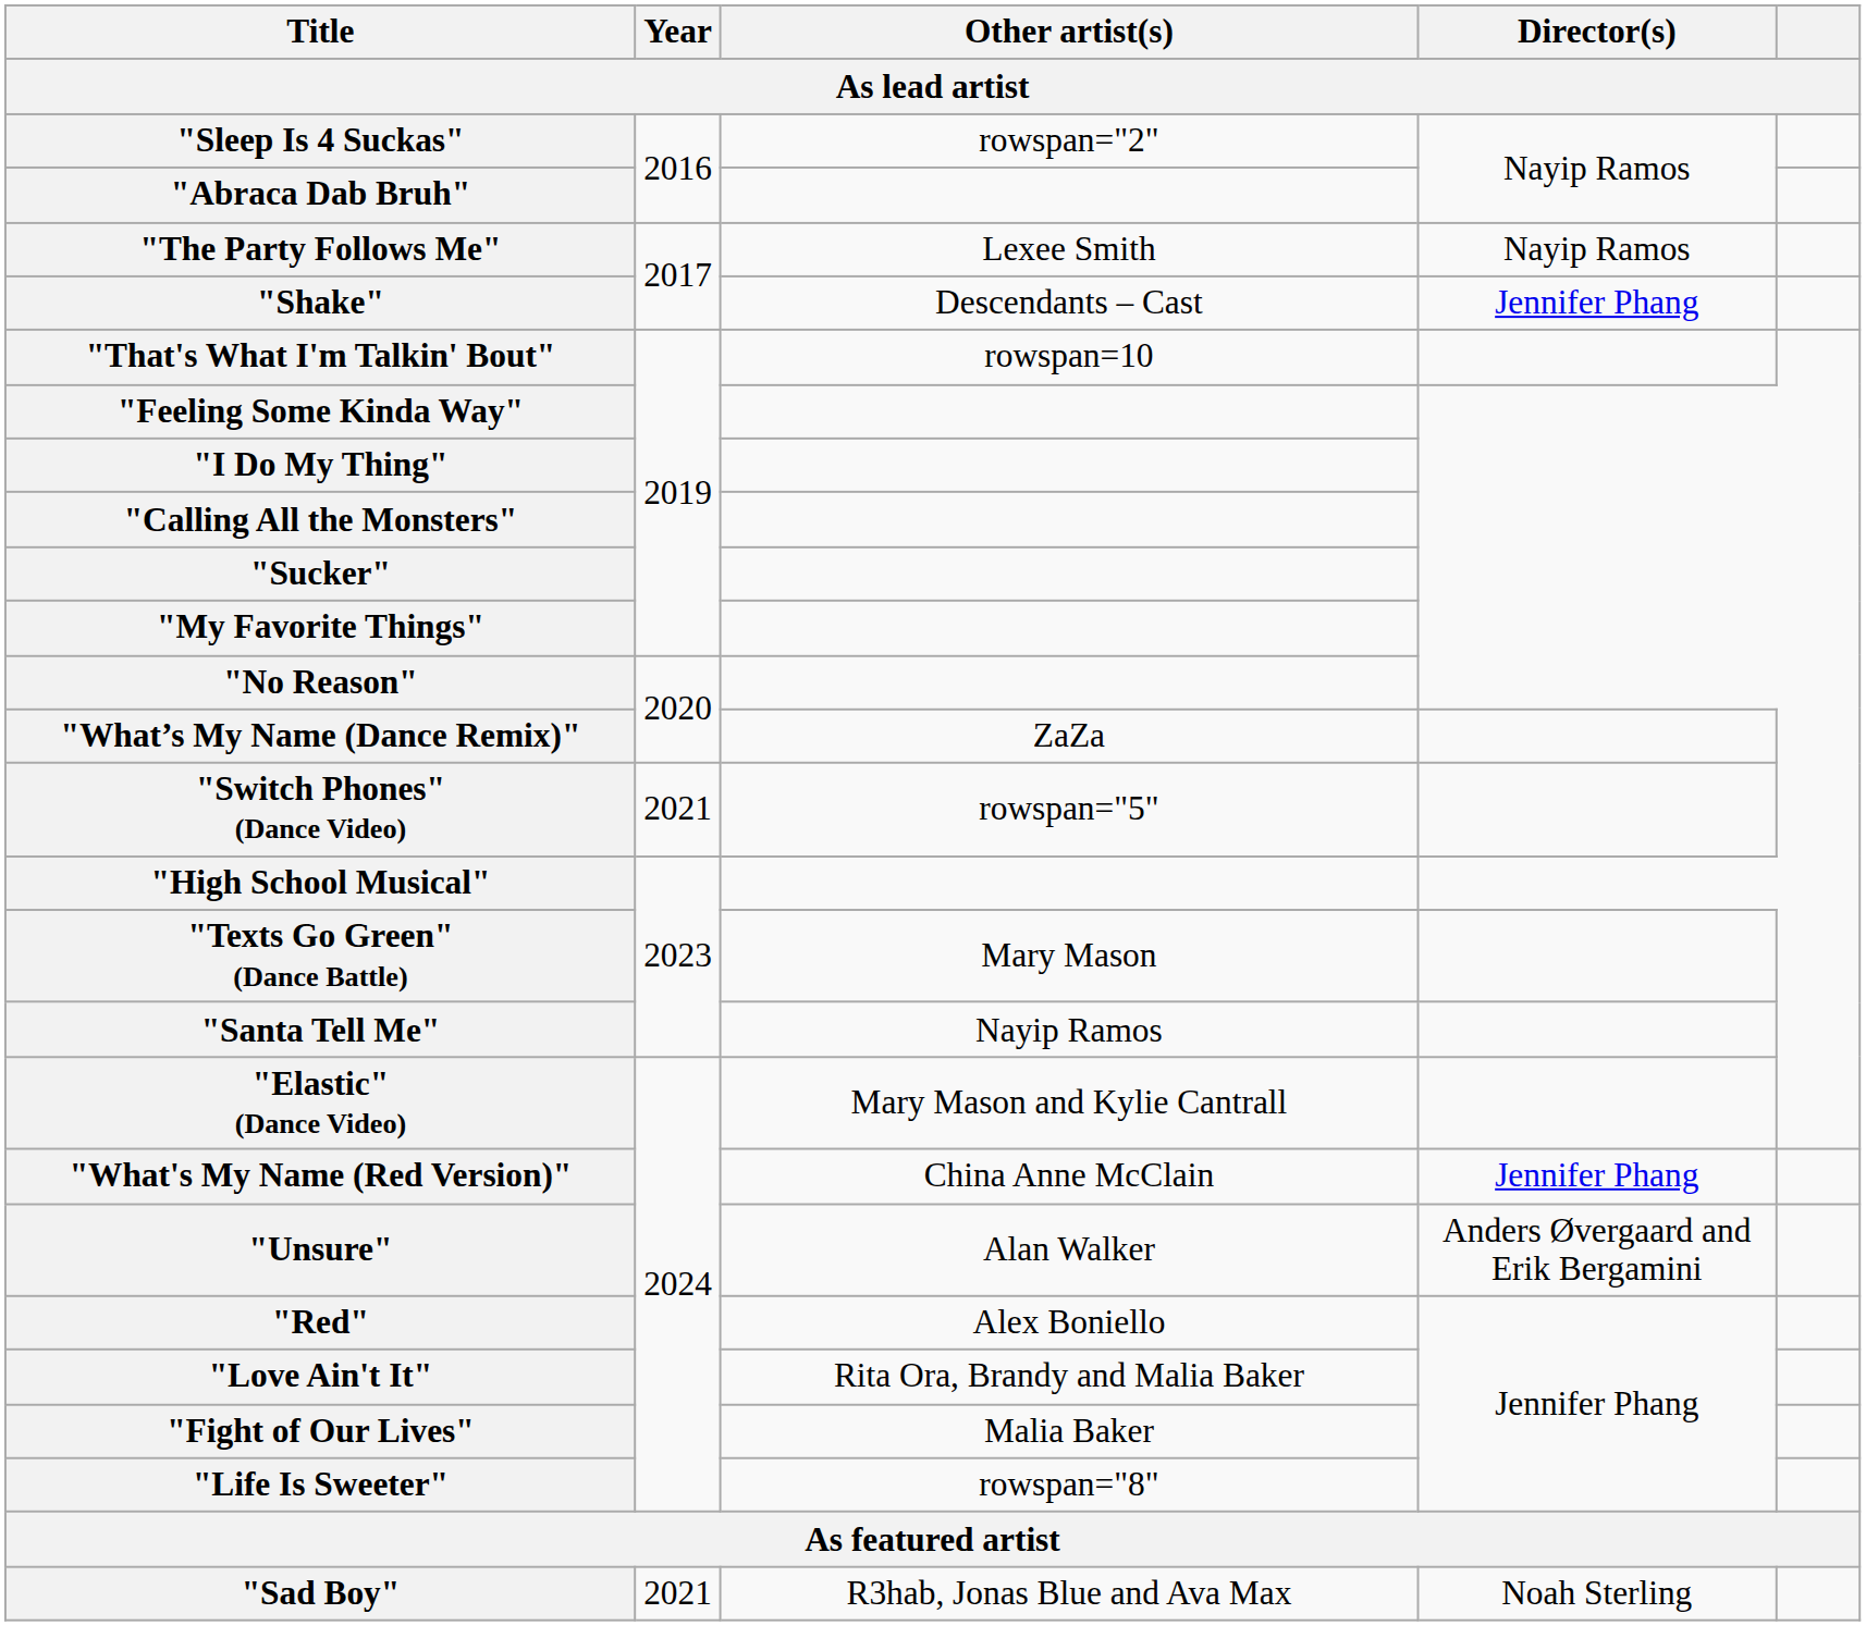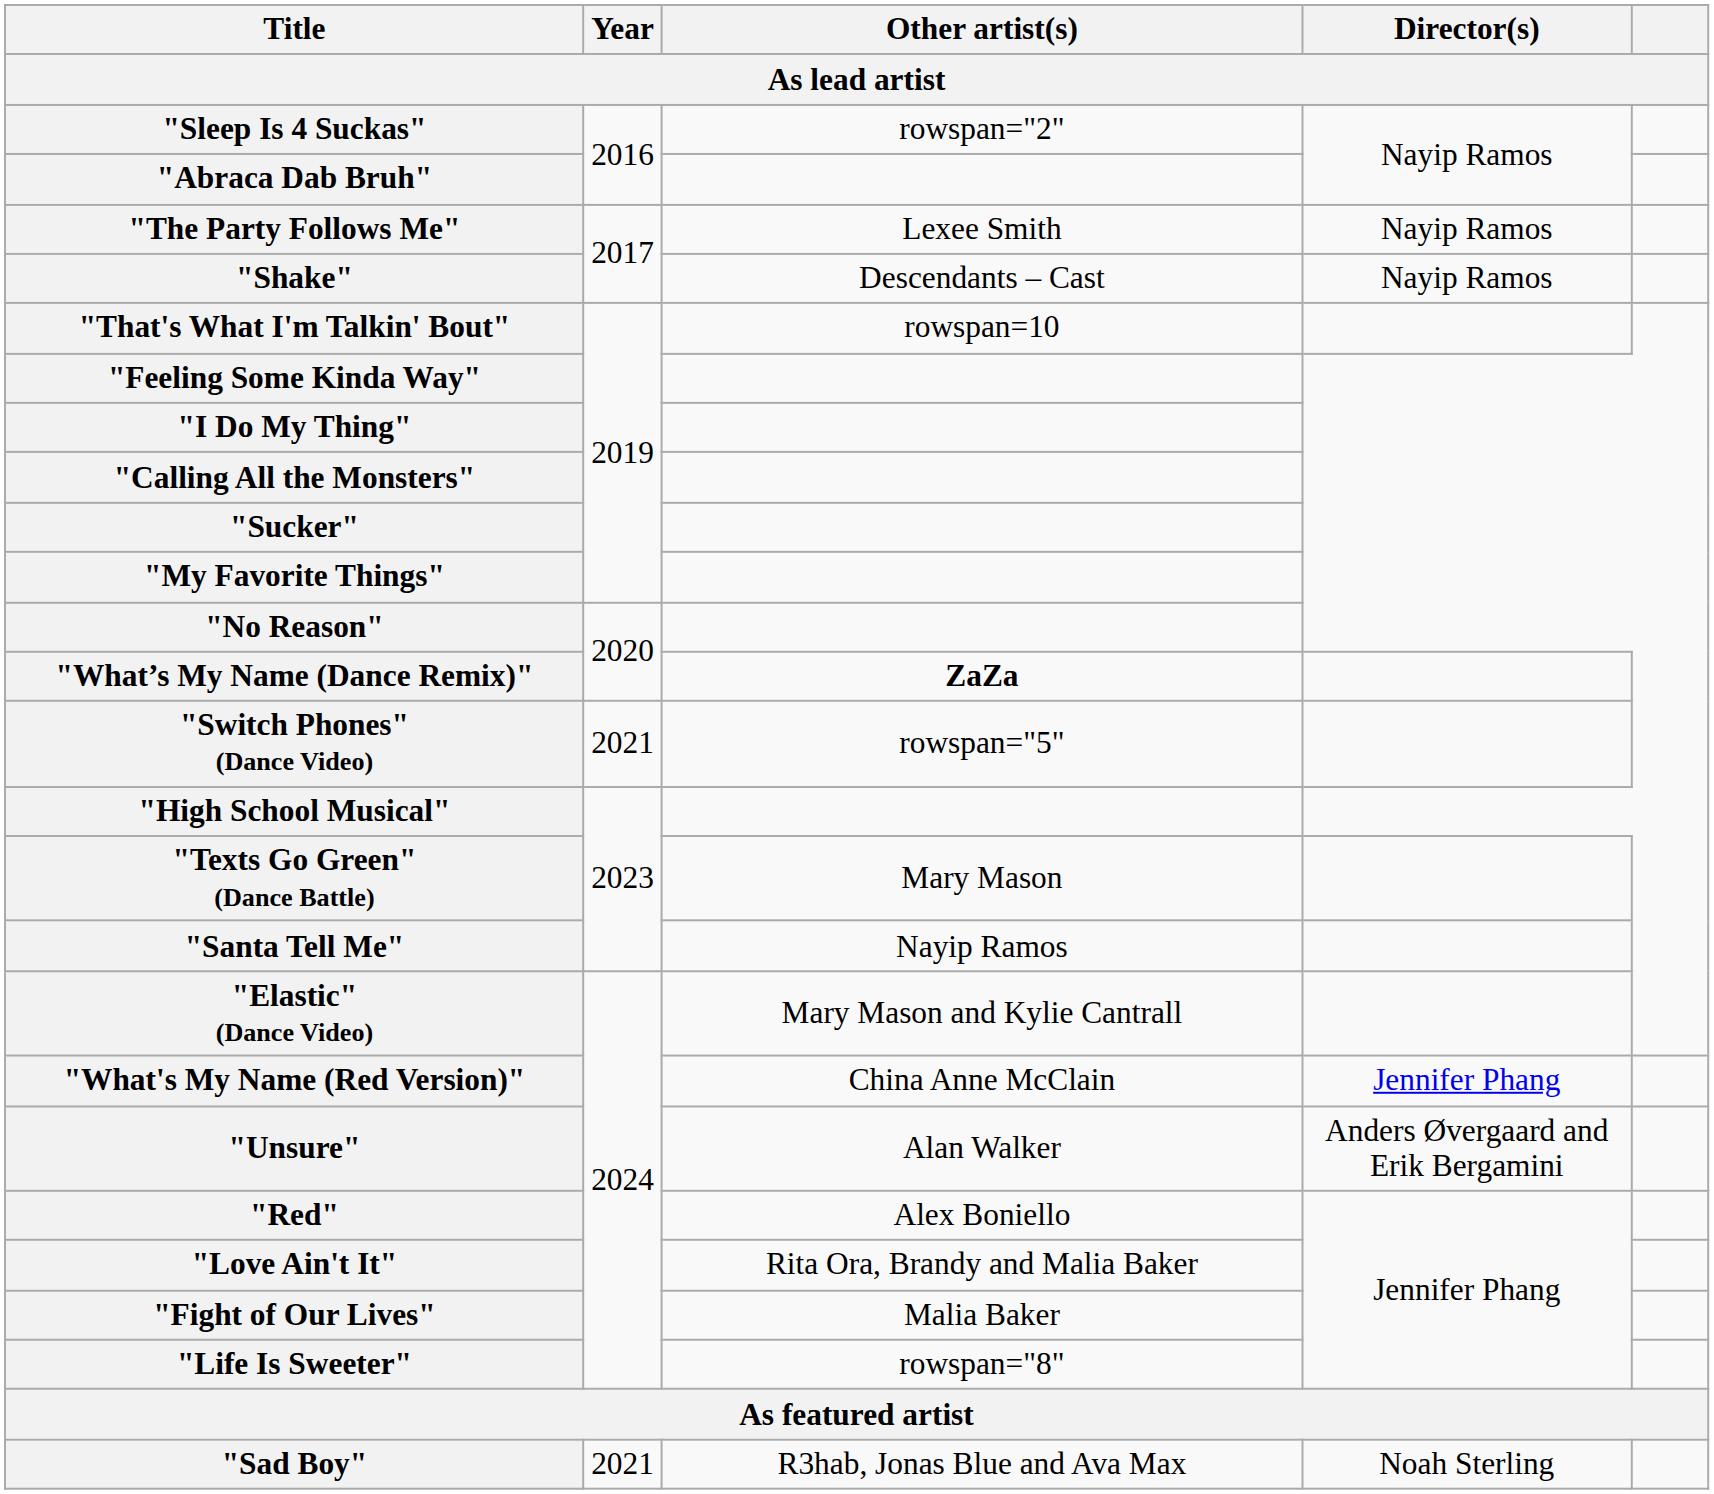 <table class="wikitable plainrowheaders" style="text-align:center;">
 <tr>
 <th scope="col" style="width:18em;">Title</th>
 <th scope="col" style="width:1em;">Year</th>
 <th scope="col" style="width:20em;">Other artist(s)</th>
 <th scope="col" style="width:10em;">Director(s)</th>
 <th scope="col" style="width:2em;"></th>
 </tr>
 <tr>
 <th scope="col" colspan="5">As lead artist</th>
 </tr>
 <tr>
 <th scope="row">"Sleep Is 4 Suckas"</th>
 <td rowspan="2">2016</td>
 <td>rowspan="2" </td>
 <td rowspan="2">Nayip Ramos</td>
 <td></td>
 </tr>
 <tr>
 <th scope="row">"Abraca Dab Bruh"</th>
 <td></td>
 </tr>
 <tr>
 <th scope="row">"The Party Follows Me"</th>
 <td rowspan="2">2017</td>
 <td>Lexee Smith</td>
 <td>Nayip Ramos</td>
 <td></td>
 </tr>
 <tr>
 <th scope="row">"Shake"</th>
 <td>Descendants – Cast</td>
-<td><a href='#'>Jennifer Phang</a></td>
+<td>Nayip Ramos</td>
 <td></td>
 </tr>
 <tr>
 <th scope="row">"That's What I'm Talkin' Bout"</th>
 <td rowspan="6">2019</td>
 <td>rowspan=10 </td>
 <td></td>
 </tr>
 <tr>
 <th scope="row">"Feeling Some Kinda Way"</th>
 <td></td>
 </tr>
 <tr>
 <th scope="row">"I Do My Thing"</th>
 <td></td>
 </tr>
 <tr>
 <th scope="row">"Calling All the Monsters"</th>
 <td></td>
 </tr>
 <tr>
 <th scope="row">"Sucker"</th>
 <td></td>
 </tr>
 <tr>
 <th scope="row">"My Favorite Things"</th>
 <td></td>
 </tr>
 <tr>
 <th scope="row">"No Reason"</th>
 <td rowspan="2">2020</td>
 <td></td>
 </tr>
 <tr>
 <th scope="row">"What’s My Name (Dance Remix)"</th>
-<td>ZaZa</td>
+<td><strong>ZaZa</strong></td>
 <td></td>
 </tr>
 <tr>
 <th scope="row">"Switch Phones" <br><small>(Dance Video)</small></th>
 <td>2021</td>
 <td>rowspan="5" </td>
 <td></td>
 </tr>
 <tr>
 <th scope="row">"High School Musical"</th>
 <td rowspan="3">2023</td>
 <td></td>
 </tr>
 <tr>
 <th scope="row">"Texts Go Green" <br><small>(Dance Battle)</small></th>
 <td>Mary Mason</td>
 <td></td>
 </tr>
 <tr>
 <th scope="row">"Santa Tell Me"</th>
 <td>Nayip Ramos</td>
 <td></td>
 </tr>
 <tr>
 <th scope="row">"Elastic" <br><small>(Dance Video)</small></th>
 <td rowspan="7">2024</td>
 <td>Mary Mason and Kylie Cantrall</td>
 <td></td>
 </tr>
 <tr>
 <th scope="row">"What's My Name (Red Version)"</th>
 <td>China Anne McClain</td>
 <td><a href='#'>Jennifer Phang</a></td>
 <td></td>
 </tr>
 <tr>
 <th scope="row">"Unsure"</th>
 <td>Alan Walker</td>
 <td>Anders Øvergaard and Erik Bergamini</td>
 <td></td>
 </tr>
 <tr>
 <th scope="row">"Red"</th>
 <td>Alex Boniello</td>
 <td rowspan="4">Jennifer Phang</td>
 <td></td>
 </tr>
 <tr>
 <th scope="row">"Love Ain't It"</th>
 <td>Rita Ora, Brandy and Malia Baker</td>
 <td></td>
 </tr>
 <tr>
 <th scope="row">"Fight of Our Lives"</th>
 <td>Malia Baker</td>
 <td></td>
 </tr>
 <tr>
 <th scope="row">"Life Is Sweeter"</th>
 <td>rowspan="8" </td>
 <td></td>
 </tr>
 <tr>
 <th scope="col" colspan="5">As featured artist</th>
 </tr>
 <tr>
 <th scope="row">"Sad Boy"</th>
 <td>2021</td>
 <td>R3hab, Jonas Blue and Ava Max</td>
 <td>Noah Sterling</td>
 <td></td>
 </tr>
 </table>
